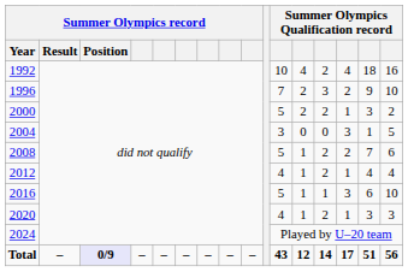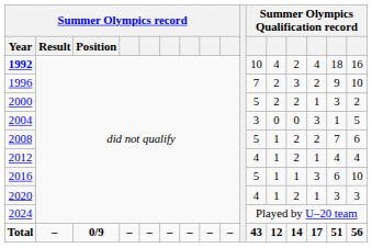 <table class="wikitable" style="text-align: center;">
 <tr>
 <th colspan="9"><a href='#'>Summer Olympics record</a></th>
 <th style="width:1px;" rowspan="12"></th>
 <th colspan="6">Summer Olympics<br>Qualification record</th>
 </tr>
 <tr>
 <th>Year</th>
 <th>Result</th>
 <th>Position</th>
 <th style="width:20px;"></th>
 <th style="width:20px;"></th>
 <th style="width:20px;"></th>
 <th style="width:20px;"></th>
 <th style="width:20px;"></th>
 <th style="width:20px;"></th>
 <th style="width:20px;"></th>
 <th style="width:20px;"></th>
 <th style="width:20px;"></th>
 <th style="width:20px;"></th>
 <th style="width:20px;"></th>
 <th style="width:20px;"></th>
 </tr>
 <tr>
-<td> <a href='#'>1992</a></td>
+<td><strong> <a href='#'>1992</a></strong></td>
 <td rowspan="9" colspan="9"><em>did not qualify</em></td>
 <td>10</td>
 <td>4</td>
 <td>2</td>
 <td>4</td>
 <td>18</td>
 <td>16</td>
 </tr>
 <tr>
 <td> <a href='#'>1996</a></td>
 <td>7</td>
 <td>2</td>
 <td>3</td>
 <td>2</td>
 <td>9</td>
 <td>10</td>
 </tr>
 <tr>
 <td> <a href='#'>2000</a></td>
 <td>5</td>
 <td>2</td>
 <td>2</td>
 <td>1</td>
 <td>3</td>
 <td>2</td>
 </tr>
 <tr>
 <td> <a href='#'>2004</a></td>
 <td>3</td>
 <td>0</td>
 <td>0</td>
 <td>3</td>
 <td>1</td>
 <td>5</td>
 </tr>
 <tr>
 <td> <a href='#'>2008</a></td>
 <td>5</td>
 <td>1</td>
 <td>2</td>
 <td>2</td>
 <td>7</td>
 <td>6</td>
 </tr>
 <tr>
 <td> <a href='#'>2012</a></td>
 <td>4</td>
 <td>1</td>
 <td>2</td>
 <td>1</td>
 <td>4</td>
 <td>4</td>
 </tr>
 <tr>
 <td> <a href='#'>2016</a></td>
 <td>5</td>
 <td>1</td>
 <td>1</td>
 <td>3</td>
 <td>6</td>
 <td>10</td>
 </tr>
 <tr>
 <td> <a href='#'>2020</a></td>
 <td>4</td>
 <td>1</td>
 <td>2</td>
 <td>1</td>
 <td>3</td>
 <td>3</td>
 </tr>
 <tr>
 <td> <a href='#'>2024</a></td>
 <td colspan=6>Played by <a href='#'>U–20 team</a></td>
 </tr>
 <tr>
 <td><strong>Total</strong></td>
 <td><strong>–</strong></td>
-<td style="background: lavender;"><strong>0/9</strong></td>
+<td><strong>0/9</strong></td>
 <td><strong>–</strong></td>
 <td><strong>–</strong></td>
 <td><strong>–</strong></td>
 <td><strong>–</strong></td>
 <td><strong>–</strong></td>
 <td><strong>–</strong></td>
 <td><strong>43</strong></td>
 <td><strong>12</strong></td>
 <td><strong>14</strong></td>
 <td><strong>17</strong></td>
 <td><strong>51</strong></td>
 <td><strong>56</strong></td>
 </tr>
 </table>
